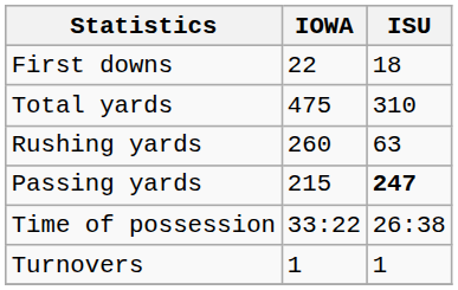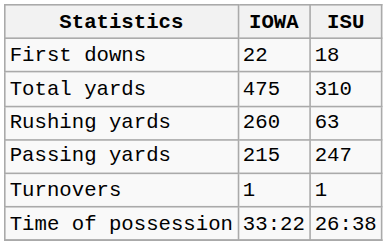 <table class="wikitable">
 <tr>
 <th>Statistics</th>
 <th>IOWA</th>
 <th>ISU</th>
 </tr>
 <tr>
 <td>First downs</td>
 <td>22</td>
 <td>18</td>
 </tr>
 <tr>
 <td>Total yards</td>
 <td>475</td>
 <td>310</td>
 </tr>
 <tr>
 <td>Rushing yards</td>
 <td>260</td>
 <td>63</td>
 </tr>
 <tr>
 <td>Passing yards</td>
 <td>215</td>
-<td><strong>247</strong></td>
+<td>247</td>
+</tr>
+<tr>
+<td>Turnovers</td>
+<td>1</td>
+<td>1</td>
 </tr>
 <tr>
 <td>Time of possession</td>
 <td>33:22</td>
 <td>26:38</td>
 </tr>
 <tr>
-<td>Turnovers</td>
-<td>1</td>
-<td>1</td>
-</tr>
-<tr>
 </tr>
 </table>
